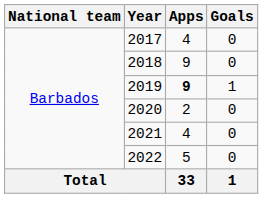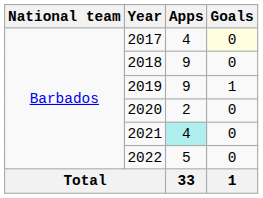 <table class="wikitable" style="text-align:center">
 <tr>
 <th>National team</th>
 <th>Year</th>
 <th>Apps</th>
 <th>Goals</th>
 </tr>
 <tr>
 <td rowspan="6"><a href='#'>Barbados</a></td>
 <td>2017</td>
 <td>4</td>
-<td>0</td>
+<td style="background: lightyellow;">0</td>
 </tr>
 <tr>
 <td>2018</td>
 <td>9</td>
 <td>0</td>
 </tr>
 <tr>
 <td>2019</td>
-<td><strong>9</strong></td>
+<td>9</td>
 <td>1</td>
 </tr>
 <tr>
 <td>2020</td>
 <td>2</td>
 <td>0</td>
 </tr>
 <tr>
 <td>2021</td>
-<td>4</td>
+<td style="background: paleturquoise;">4</td>
 <td>0</td>
 </tr>
 <tr>
 <td>2022</td>
 <td>5</td>
 <td>0</td>
 </tr>
 <tr>
 <th colspan="2">Total</th>
 <th>33</th>
 <th>1</th>
 </tr>
 </table>
